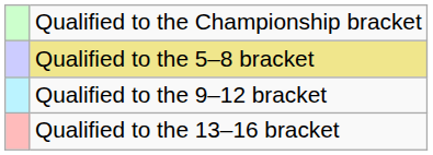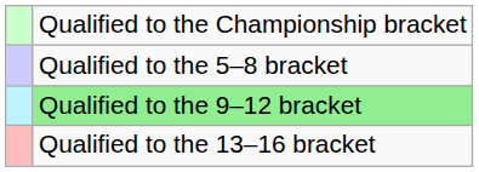 <table class="wikitable" style="font-size:100%">
 <tr>
 <td width=10px bgcolor=#ccffcc></td>
 <td>Qualified to the Championship bracket</td>
 </tr>
 <tr>
 <td bgcolor=#ccccff></td>
-<td style="background: khaki;">Qualified to the 5–8 bracket</td>
+<td>Qualified to the 5–8 bracket</td>
 </tr>
 <tr>
 <td bgcolor=#BBF3FF></td>
-<td>Qualified to the 9–12 bracket</td>
+<td style="background: lightgreen;">Qualified to the 9–12 bracket</td>
 </tr>
 <tr>
 <td bgcolor=#FFBBBB></td>
 <td>Qualified to the 13–16 bracket</td>
 </tr>
 </table>
